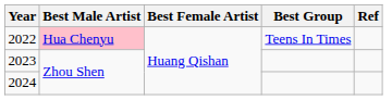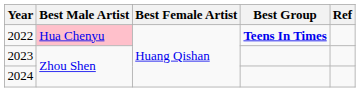 <table class="wikitable" style="text-align:left">
 <tr>
 <th>Year</th>
 <th>Best Male Artist</th>
 <th>Best Female Artist</th>
 <th>Best Group</th>
 <th>Ref</th>
 </tr>
 <tr>
 <td>2022</td>
 <td style="background: pink;"><a href='#'>Hua Chenyu</a></td>
 <td rowspan="3"><a href='#'>Huang Qishan</a></td>
-<td><a href='#'>Teens In Times</a></td>
+<td><strong><a href='#'>Teens In Times</a></strong></td>
 <td></td>
 </tr>
 <tr>
 <td>2023</td>
 <td rowspan="2"><a href='#'>Zhou Shen</a></td>
 <td></td>
 <td></td>
 </tr>
 <tr>
 <td>2024</td>
 <td></td>
 <td></td>
 </tr>
 </table>
